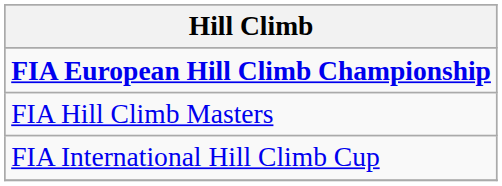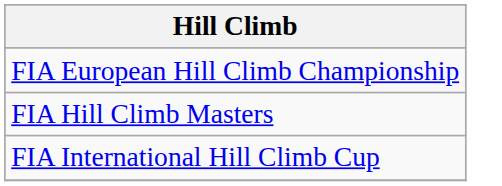 <table class="wikitable">
 <tr>
 <th>Hill Climb</th>
 </tr>
 <tr>
-<td><strong><a href='#'>FIA European Hill Climb Championship</a></strong></td>
+<td><a href='#'>FIA European Hill Climb Championship</a></td>
 </tr>
 <tr>
 <td><a href='#'>FIA Hill Climb Masters</a></td>
 </tr>
 <tr>
 <td><a href='#'>FIA International Hill Climb Cup</a></td>
 </tr>
 <tr>
 </tr>
 </table>
